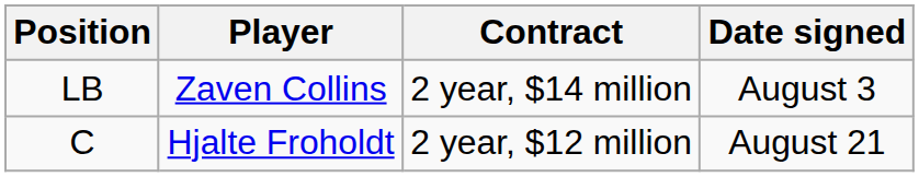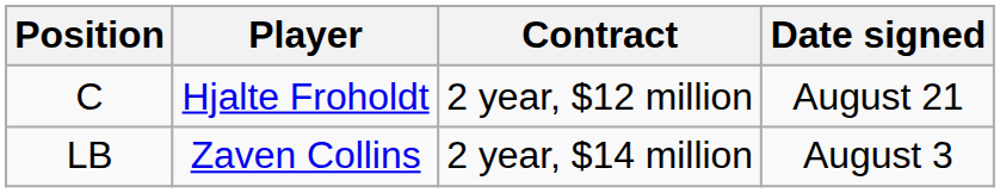 <table class="wikitable" style="text-align:center">
 <tr>
 <th>Position</th>
 <th>Player</th>
 <th>Contract</th>
 <th>Date signed</th>
 </tr>
 <tr>
+<td>C</td>
+<td><a href='#'>Hjalte Froholdt</a></td>
+<td>2 year, $12 million</td>
+<td>August 21</td>
+</tr>
+<tr>
 <td>LB</td>
 <td><a href='#'>Zaven Collins</a></td>
 <td>2 year, $14 million</td>
 <td>August 3</td>
 </tr>
-<tr>
-<td>C</td>
-<td><a href='#'>Hjalte Froholdt</a></td>
-<td>2 year, $12 million</td>
-<td>August 21</td>
-</tr>
 </table>
